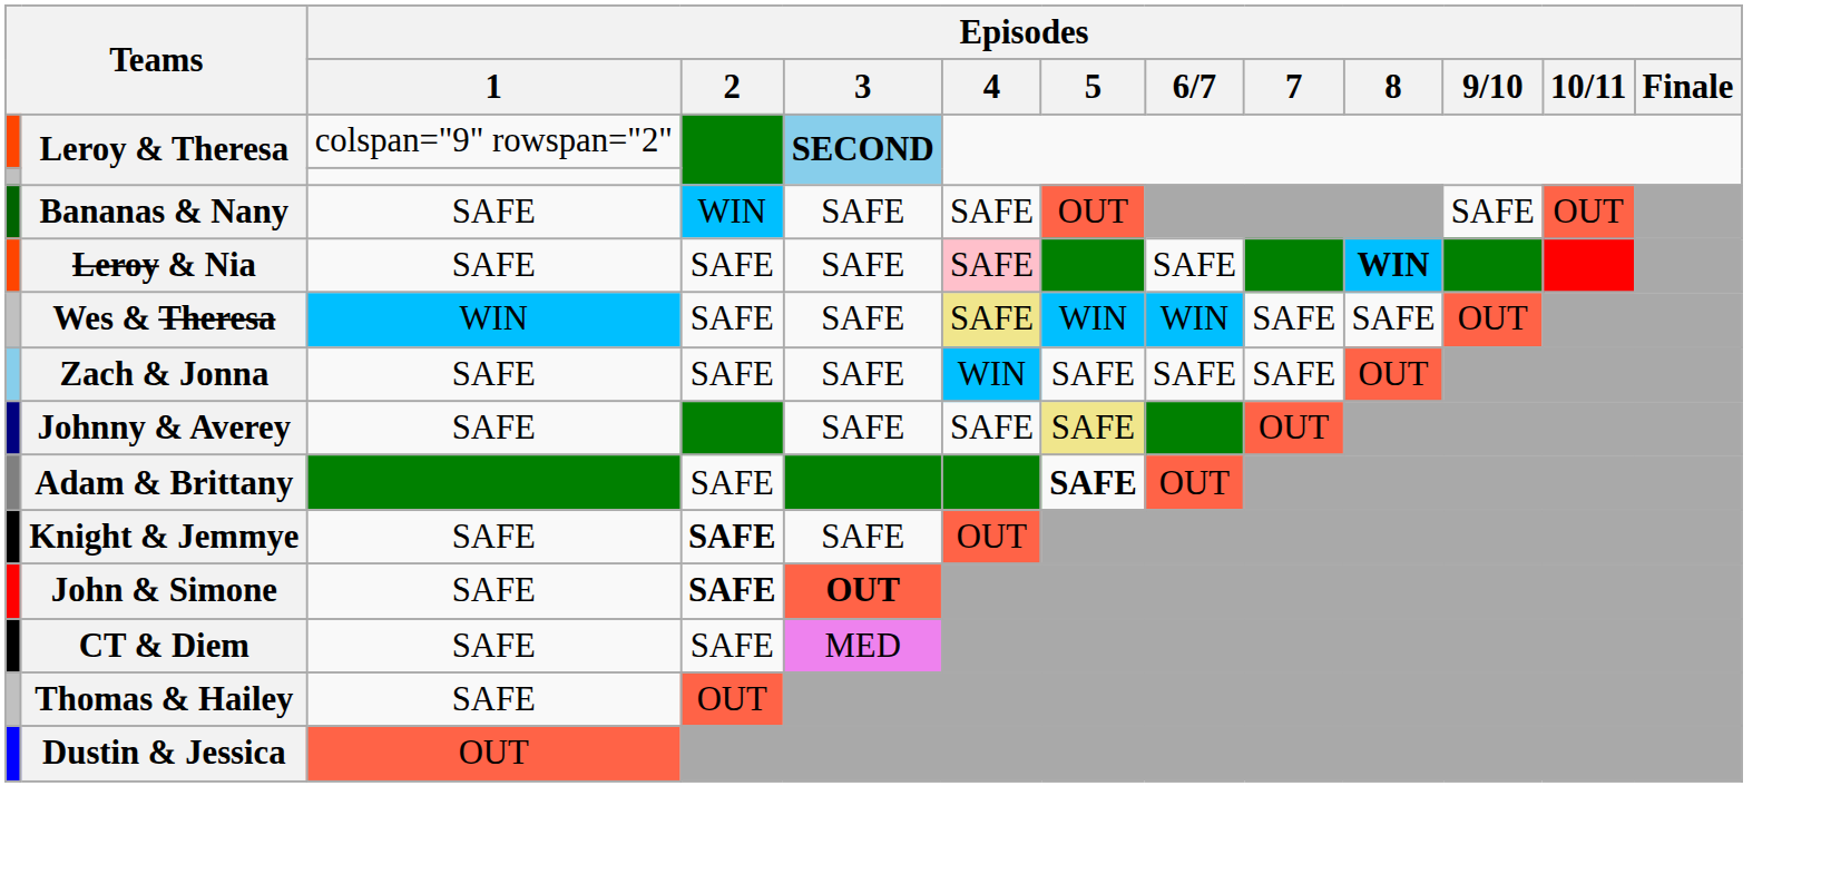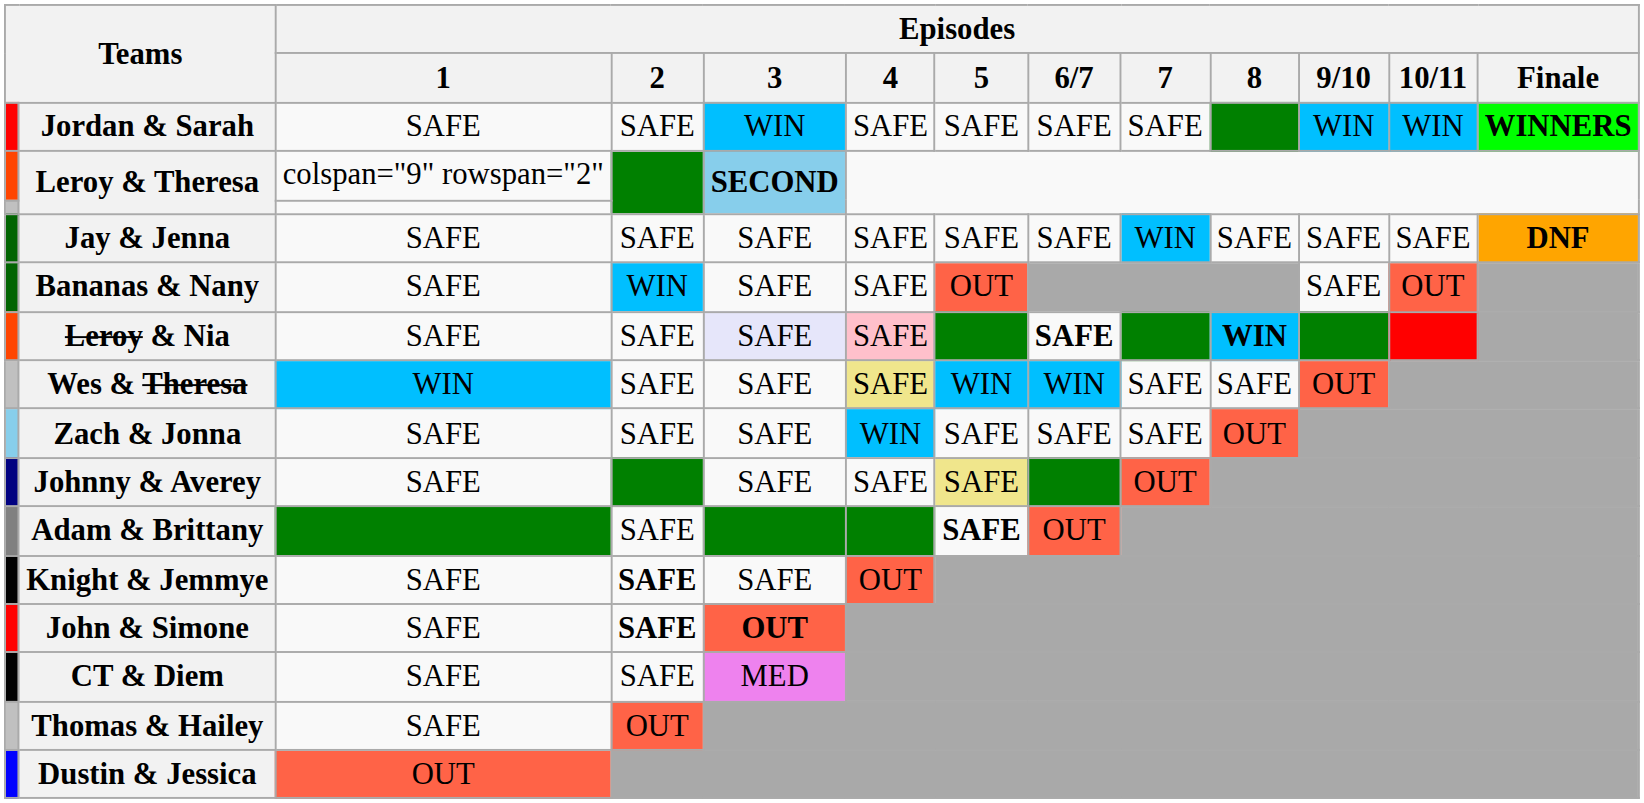 <table class="wikitable" style="text-align:center">
 <tr>
 <th colspan="2" rowspan="2">Teams</th>
 <th colspan="11">Episodes</th>
 </tr>
 <tr>
 <th>1</th>
 <th>2</th>
 <th>3</th>
 <th>4</th>
 <th>5</th>
 <th>6/7</th>
 <th>7</th>
 <th>8</th>
 <th>9/10</th>
 <th>10/11</th>
 <th>Finale</th>
 </tr>
 <tr>
+<th style="background:red"></th>
+<th>Jordan & Sarah</th>
+<td>SAFE</td>
+<td>SAFE</td>
+<td style="background:deepskyblue">WIN</td>
+<td>SAFE</td>
+<td>SAFE</td>
+<td>SAFE</td>
+<td>SAFE</td>
+<td style="background:green"></td>
+<td style="background:deepskyblue">WIN</td>
+<td style="background:deepskyblue">WIN</td>
+<td style="background:lime"><strong>WINNERS</strong></td>
+</tr>
+<tr>
 <th style="background:orangered;"></th>
 <th rowspan="2">Leroy & Theresa</th>
 <td>colspan="9" rowspan="2" </td>
 <td style="background:green" rowspan="2"></td>
 <td style="background:skyblue" rowspan="2"><strong>SECOND</strong></td>
 </tr>
 <tr>
 <td style="background:silver;"></td>
+</tr>
+<tr>
+<th style="background:darkgreen"></th>
+<th>Jay & Jenna</th>
+<td>SAFE</td>
+<td>SAFE</td>
+<td>SAFE</td>
+<td>SAFE</td>
+<td>SAFE</td>
+<td>SAFE</td>
+<td style="background:deepskyblue">WIN</td>
+<td>SAFE</td>
+<td>SAFE</td>
+<td>SAFE</td>
+<td style="background:orange"><strong>DNF</strong></td>
 </tr>
 <tr>
 <th style="background:darkgreen"></th>
 <th>Bananas & Nany</th>
 <td>SAFE</td>
 <td style="background:deepskyblue">WIN</td>
 <td>SAFE</td>
 <td>SAFE</td>
 <td style="background:tomato">OUT</td>
 <td colspan=3 style="background:darkgray"></td>
 <td>SAFE</td>
 <td style="background:tomato">OUT</td>
 <td style="background:darkgray"></td>
 </tr>
 <tr>
 <th style="background:orangered"></th>
 <th><s>Leroy</s> & Nia</th>
 <td>SAFE</td>
 <td>SAFE</td>
-<td>SAFE</td>
+<td style="background: lavender;">SAFE</td>
 <td style="background: pink;">SAFE</td>
 <td style="background:green"></td>
-<td>SAFE</td>
+<td><strong>SAFE</strong></td>
 <td style="background:green"></td>
 <td style="background:deepskyblue"><strong>WIN</strong></td>
 <td style="background:green"></td>
 <td style="background:red"></td>
 <td style="background:darkgray"></td>
 </tr>
 <tr>
 <th style="background:silver"></th>
 <th>Wes & <s>Theresa</s></th>
 <td style="background:deepskyblue">WIN</td>
 <td>SAFE</td>
 <td>SAFE</td>
 <td style="background: khaki;">SAFE</td>
 <td style="background:deepskyblue">WIN</td>
 <td style="background:deepskyblue">WIN</td>
 <td>SAFE</td>
 <td>SAFE</td>
 <td style="background:tomato">OUT</td>
 <td colspan="2" style="background:darkgray"></td>
 </tr>
 <tr>
 <th style="background:skyblue"></th>
 <th>Zach & Jonna</th>
 <td>SAFE</td>
 <td>SAFE</td>
 <td>SAFE</td>
 <td style="background:deepskyblue">WIN</td>
 <td>SAFE</td>
 <td>SAFE</td>
 <td>SAFE</td>
 <td style="background:tomato">OUT</td>
 <td colspan="3" style="background:darkgray"></td>
 </tr>
 <tr>
 <th style="background:navy"></th>
 <th>Johnny & Averey</th>
 <td>SAFE</td>
 <td style="background:green"></td>
 <td>SAFE</td>
 <td>SAFE</td>
 <td style="background: khaki;">SAFE</td>
 <td style="background:green"></td>
 <td style="background:tomato">OUT</td>
 <td colspan="4" style="background:darkgray"></td>
 </tr>
 <tr>
 <th style="background:grey"></th>
 <th>Adam & Brittany</th>
 <td style="background:green"></td>
 <td>SAFE</td>
 <td style="background:green"></td>
 <td style="background:green"></td>
 <td><strong>SAFE</strong></td>
 <td style="background:tomato">OUT</td>
 <td colspan="5" style="background:darkgray"></td>
 </tr>
 <tr>
 <th style="background:black"></th>
 <th>Knight & Jemmye</th>
 <td>SAFE</td>
 <td><strong>SAFE</strong></td>
 <td>SAFE</td>
 <td style="background:tomato">OUT</td>
 <td colspan="7" style="background:darkgray"></td>
 </tr>
 <tr>
 <th style="background:red"></th>
 <th>John & Simone</th>
 <td>SAFE</td>
 <td><strong>SAFE</strong></td>
 <td style="background:tomato"><strong>OUT</strong></td>
 <td colspan="8" style="background:darkgray"></td>
 </tr>
 <tr>
 <th style="background:black"></th>
 <th>CT & Diem</th>
 <td>SAFE</td>
 <td>SAFE</td>
 <td style="background:violet">MED</td>
 <td colspan="8" style="background:darkgray"></td>
 </tr>
 <tr>
 <th style="background:silver"></th>
 <th>Thomas & Hailey</th>
 <td>SAFE</td>
 <td style="background:tomato">OUT</td>
 <td colspan="9" style="background:darkgray"></td>
 </tr>
 <tr>
 <th style="background:blue"></th>
 <th>Dustin & Jessica</th>
 <td style="background:tomato">OUT</td>
 <td colspan="10" style="background:darkgray"></td>
 </tr>
 </table>
